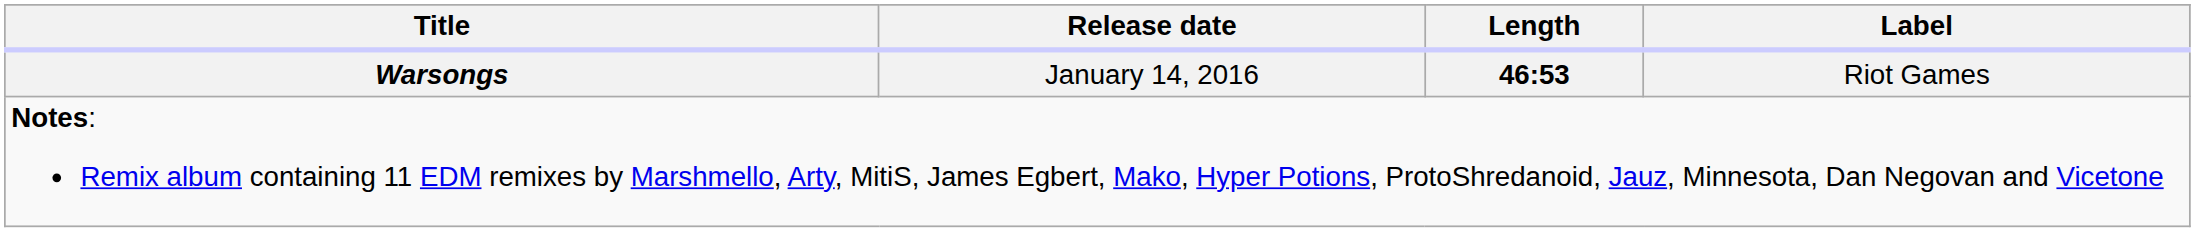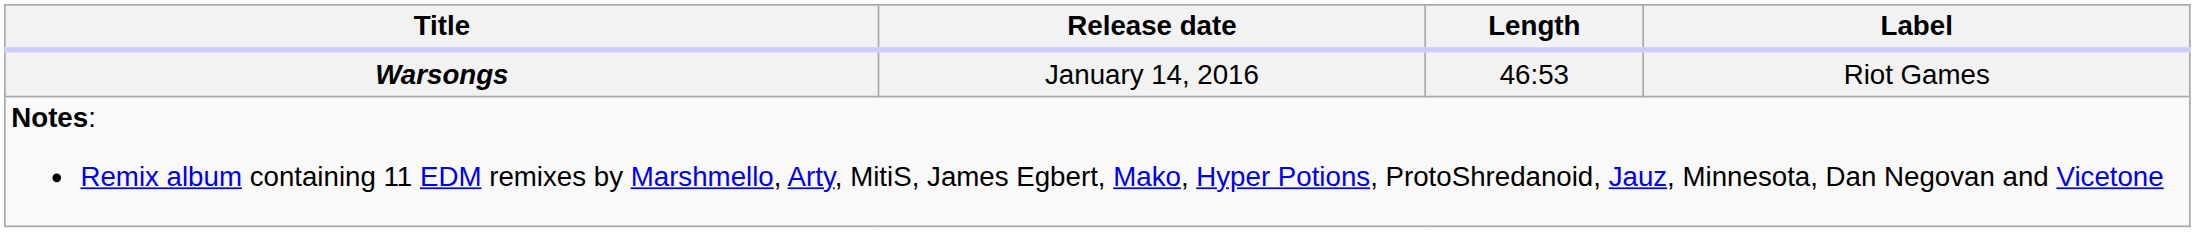 <table class="wikitable plainrowheaders" style="width:100%; text-align:center;">
 <tr style="border-bottom: solid #ccf 3px">
 <th scope="col" style="width:40%">Title</th>
 <th scope="col" style="width:25%">Release date</th>
 <th scope="col" style="width:10%">Length</th>
 <th scope="col" style="width:25%">Label</th>
 </tr>
 <tr style="background-color:#f2f2f2">
 <th scope="row" style="text-align:center"><em>Warsongs</em></th>
 <td>January 14, 2016</td>
-<td><strong>46:53</strong></td>
+<td>46:53</td>
 <td>Riot Games</td>
 </tr>
 <tr>
 <td colspan="4" style="text-align:left"><strong>Notes</strong>:<br><ul><li><a href='#'>Remix album</a> containing 11 <a href='#'>EDM</a> remixes by <a href='#'>Marshmello</a>, <a href='#'>Arty</a>, MitiS, James Egbert, <a href='#'>Mako</a>, <a href='#'>Hyper Potions</a>, ProtoShredanoid, <a href='#'>Jauz</a>, Minnesota, Dan Negovan and <a href='#'>Vicetone</a></li></ul></td>
 </tr>
 </table>
